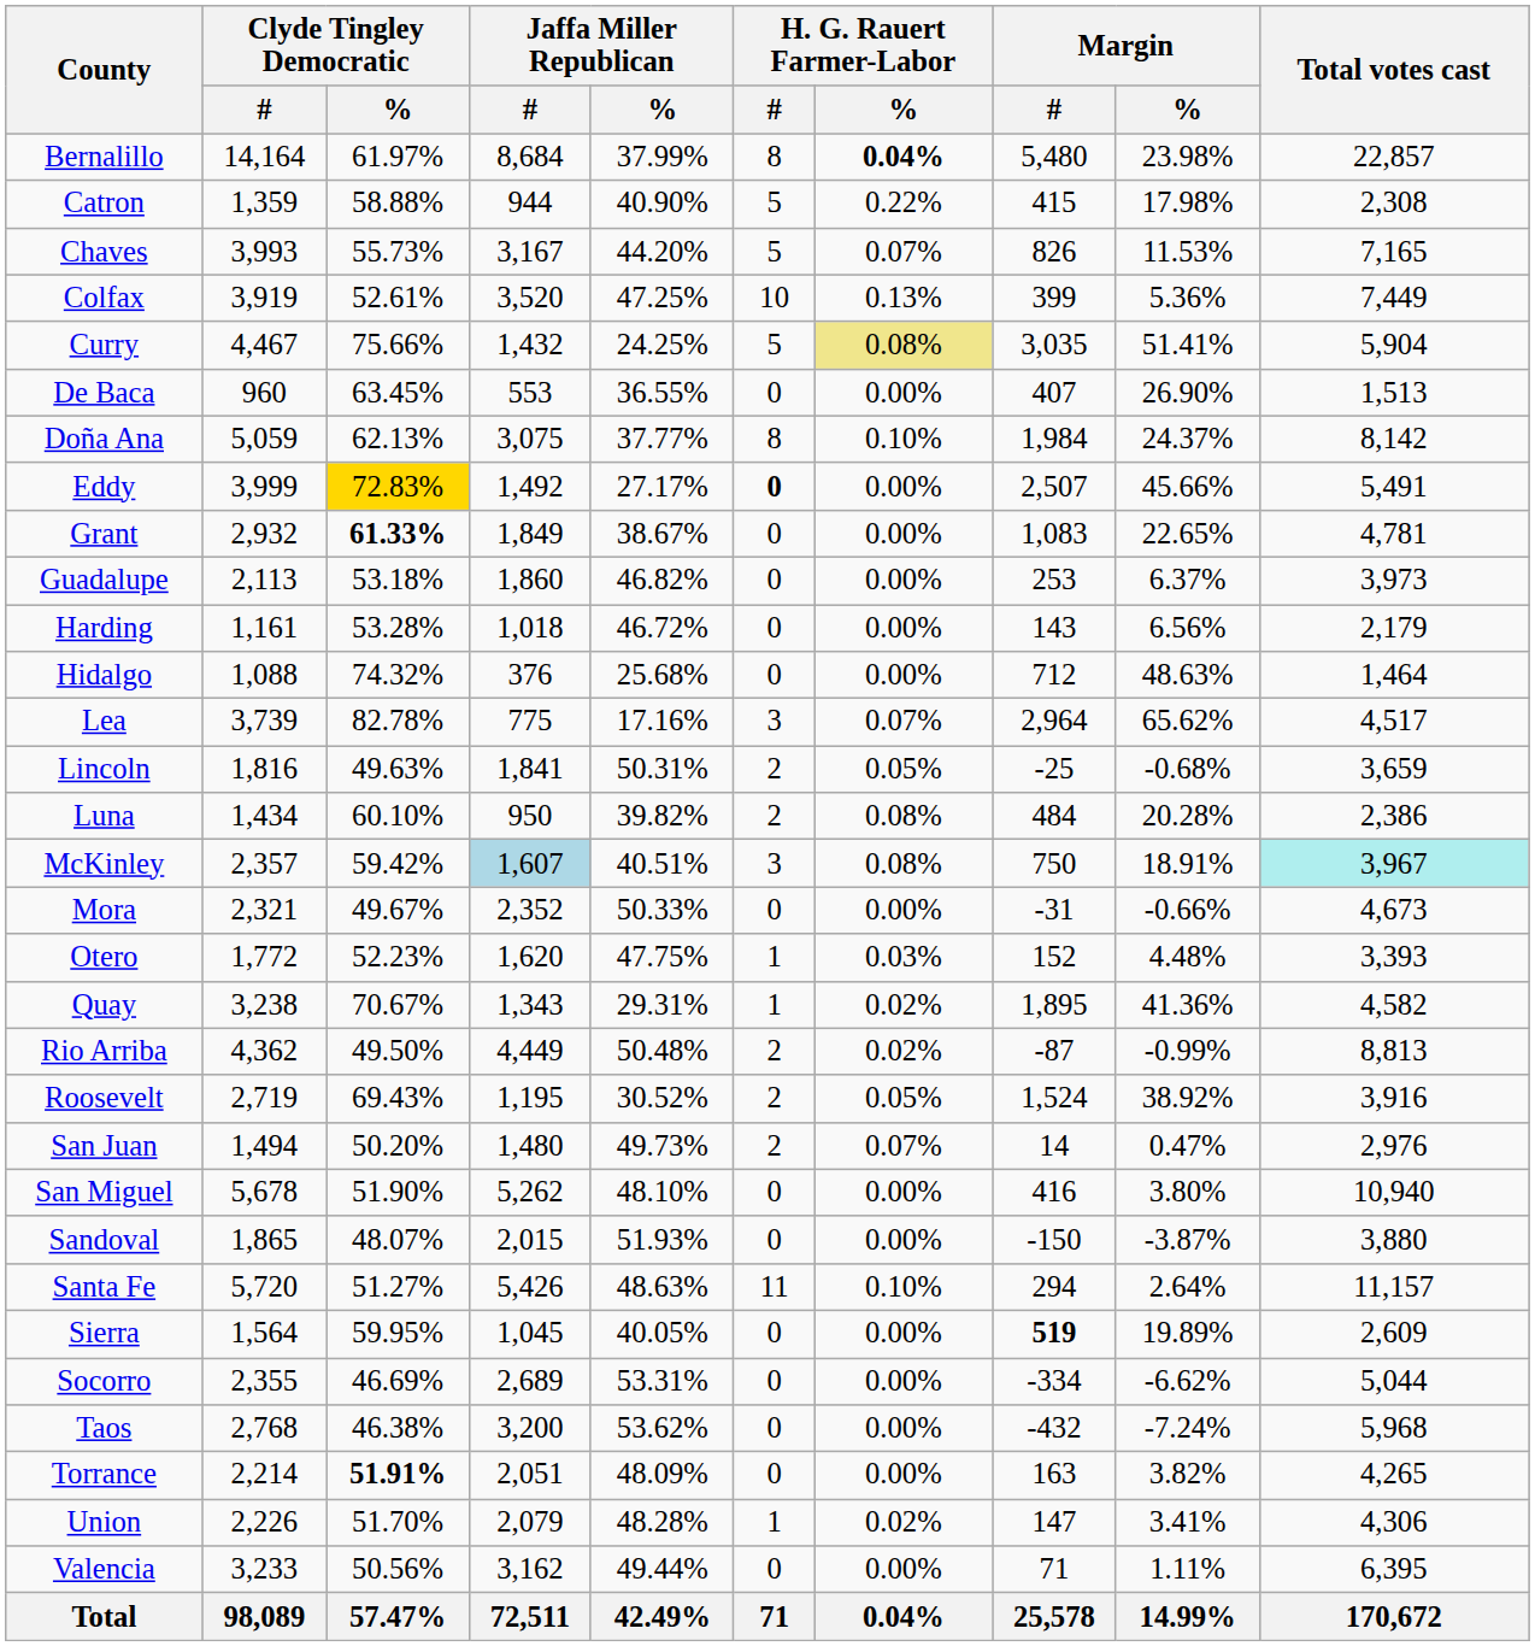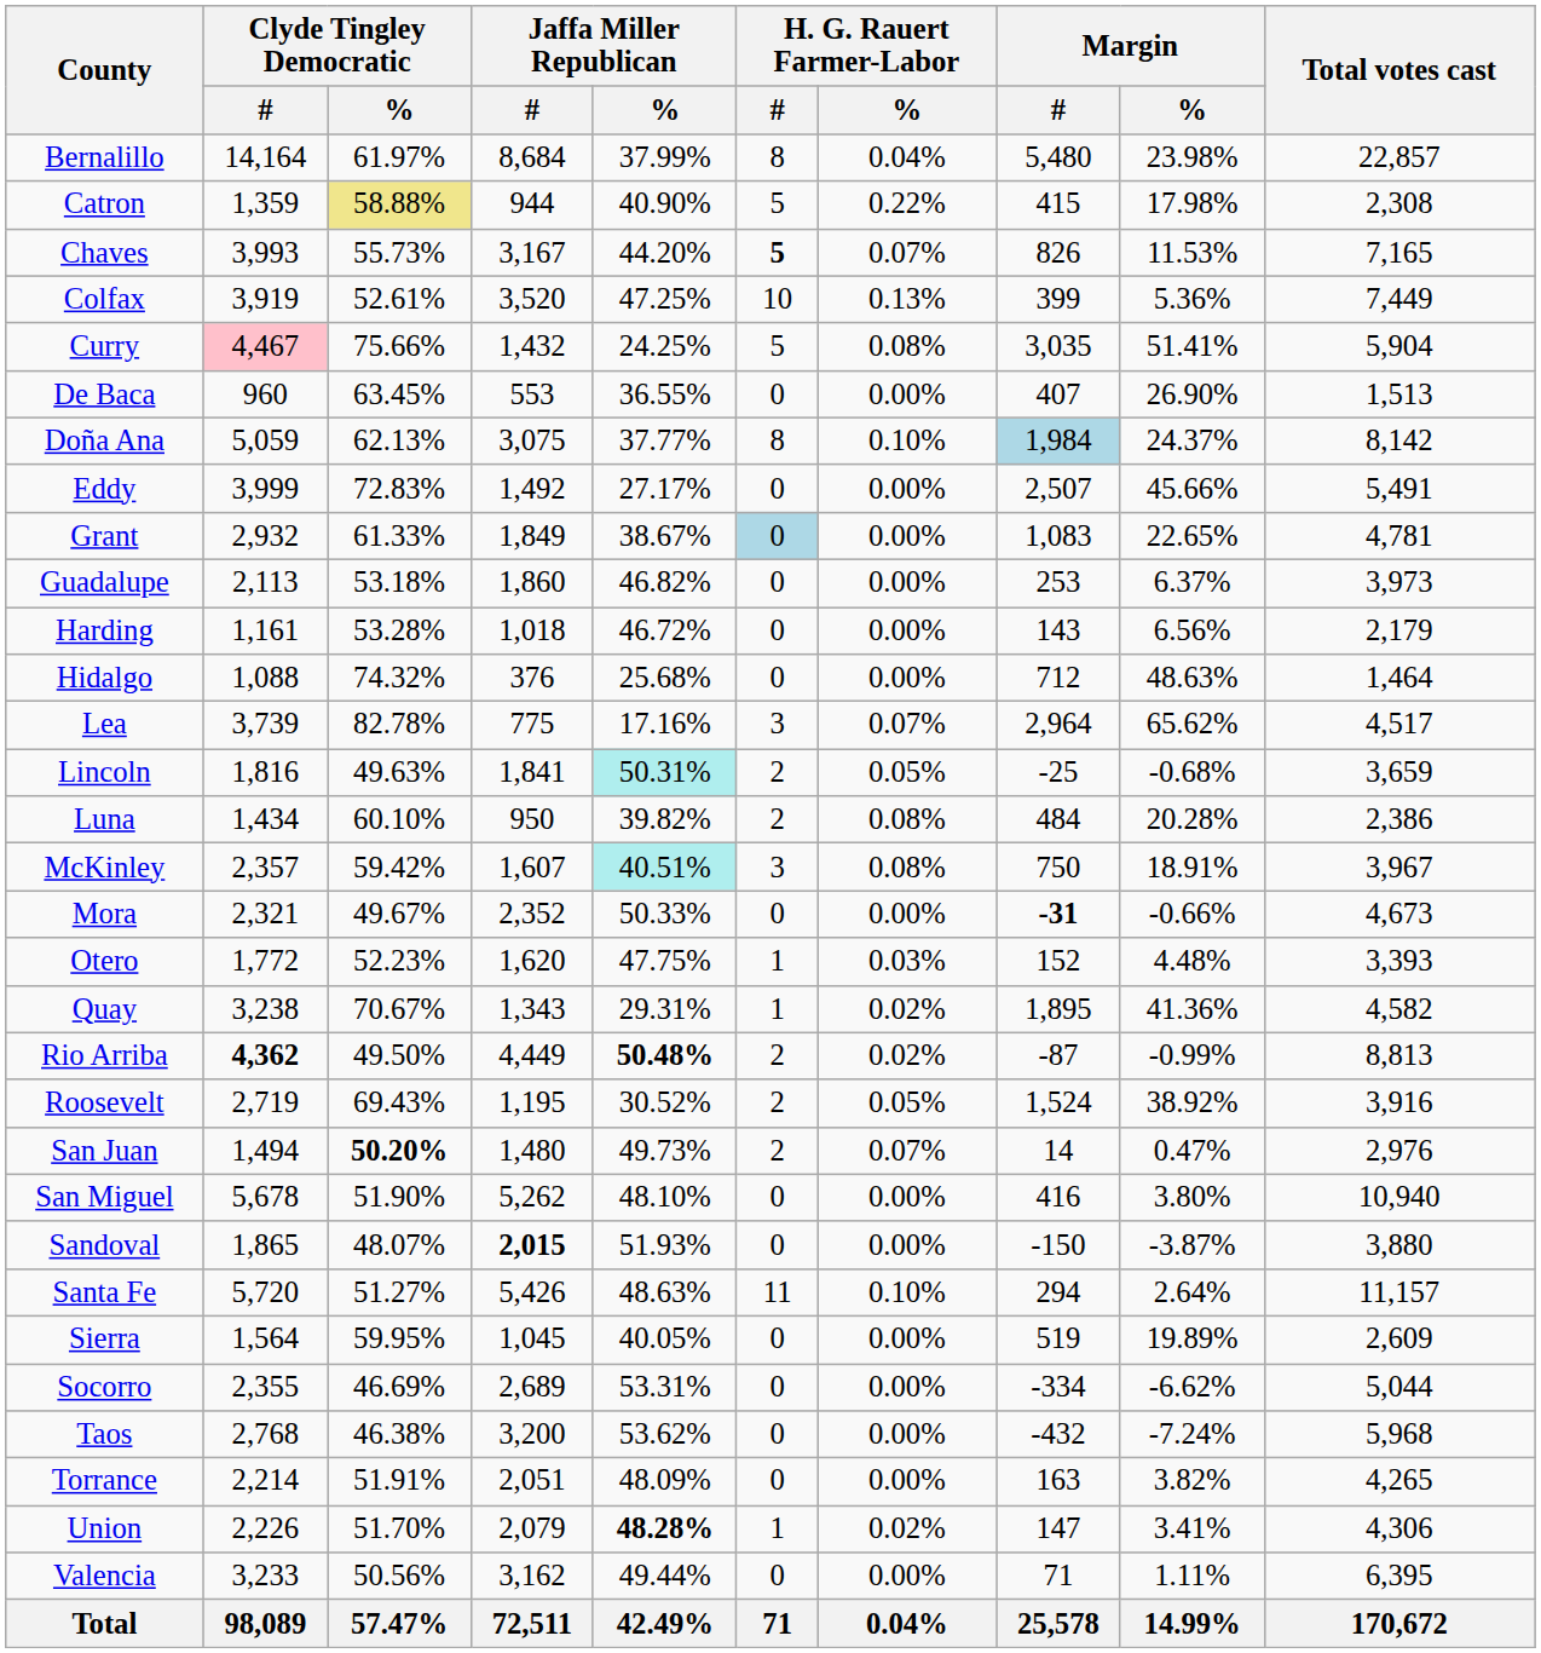 <table width="65%" class="wikitable sortable" style="text-align:center">
 <tr>
 <th style="text-align:center;" rowspan="2">County</th>
 <th style="text-align:center;" colspan="2">Clyde Tingley<br>Democratic</th>
 <th style="text-align:center;" colspan="2">Jaffa Miller<br>Republican</th>
 <th style="text-align:center;" colspan="2">H. G. Rauert<br>Farmer-Labor</th>
 <th style="text-align:center;" colspan="2">Margin</th>
 <th style="text-align:center;" rowspan="2">Total votes cast</th>
 </tr>
 <tr>
 <th style="text-align:center;" data-sort-type="number">#</th>
 <th style="text-align:center;" data-sort-type="number">%</th>
 <th style="text-align:center;" data-sort-type="number">#</th>
 <th style="text-align:center;" data-sort-type="number">%</th>
 <th style="text-align:center;" data-sort-type="number">#</th>
 <th style="text-align:center;" data-sort-type="number">%</th>
 <th style="text-align:center;" data-sort-type="number">#</th>
 <th style="text-align:center;" data-sort-type="number">%</th>
 </tr>
 <tr style="text-align:center;">
 <td><a href='#'>Bernalillo</a></td>
 <td>14,164</td>
 <td>61.97%</td>
 <td>8,684</td>
 <td>37.99%</td>
 <td>8</td>
-<td><strong>0.04%</strong></td>
+<td>0.04%</td>
 <td>5,480</td>
 <td>23.98%</td>
 <td>22,857</td>
 </tr>
 <tr style="text-align:center;">
 <td><a href='#'>Catron</a></td>
 <td>1,359</td>
-<td>58.88%</td>
+<td style="background: khaki;">58.88%</td>
 <td>944</td>
 <td>40.90%</td>
 <td>5</td>
 <td>0.22%</td>
 <td>415</td>
 <td>17.98%</td>
 <td>2,308</td>
 </tr>
 <tr style="text-align:center;">
 <td><a href='#'>Chaves</a></td>
 <td>3,993</td>
 <td>55.73%</td>
 <td>3,167</td>
 <td>44.20%</td>
-<td>5</td>
+<td><strong>5</strong></td>
 <td>0.07%</td>
 <td>826</td>
 <td>11.53%</td>
 <td>7,165</td>
 </tr>
 <tr style="text-align:center;">
 <td><a href='#'>Colfax</a></td>
 <td>3,919</td>
 <td>52.61%</td>
 <td>3,520</td>
 <td>47.25%</td>
 <td>10</td>
 <td>0.13%</td>
 <td>399</td>
 <td>5.36%</td>
 <td>7,449</td>
 </tr>
 <tr style="text-align:center;">
 <td><a href='#'>Curry</a></td>
-<td>4,467</td>
+<td style="background: pink;">4,467</td>
 <td>75.66%</td>
 <td>1,432</td>
 <td>24.25%</td>
 <td>5</td>
-<td style="background: khaki;">0.08%</td>
+<td>0.08%</td>
 <td>3,035</td>
 <td>51.41%</td>
 <td>5,904</td>
 </tr>
 <tr style="text-align:center;">
 <td><a href='#'>De Baca</a></td>
 <td>960</td>
 <td>63.45%</td>
 <td>553</td>
 <td>36.55%</td>
 <td>0</td>
 <td>0.00%</td>
 <td>407</td>
 <td>26.90%</td>
 <td>1,513</td>
 </tr>
 <tr style="text-align:center;">
 <td><a href='#'>Doña Ana</a></td>
 <td>5,059</td>
 <td>62.13%</td>
 <td>3,075</td>
 <td>37.77%</td>
 <td>8</td>
 <td>0.10%</td>
-<td>1,984</td>
+<td style="background: lightblue;">1,984</td>
 <td>24.37%</td>
 <td>8,142</td>
 </tr>
 <tr style="text-align:center;">
 <td><a href='#'>Eddy</a></td>
 <td>3,999</td>
-<td style="background: gold;">72.83%</td>
+<td>72.83%</td>
 <td>1,492</td>
 <td>27.17%</td>
-<td><strong>0</strong></td>
+<td>0</td>
 <td>0.00%</td>
 <td>2,507</td>
 <td>45.66%</td>
 <td>5,491</td>
 </tr>
 <tr style="text-align:center;">
 <td><a href='#'>Grant</a></td>
 <td>2,932</td>
-<td><strong>61.33%</strong></td>
+<td>61.33%</td>
 <td>1,849</td>
 <td>38.67%</td>
-<td>0</td>
+<td style="background: lightblue;">0</td>
 <td>0.00%</td>
 <td>1,083</td>
 <td>22.65%</td>
 <td>4,781</td>
 </tr>
 <tr style="text-align:center;">
 <td><a href='#'>Guadalupe</a></td>
 <td>2,113</td>
 <td>53.18%</td>
 <td>1,860</td>
 <td>46.82%</td>
 <td>0</td>
 <td>0.00%</td>
 <td>253</td>
 <td>6.37%</td>
 <td>3,973</td>
 </tr>
 <tr style="text-align:center;">
 <td><a href='#'>Harding</a></td>
 <td>1,161</td>
 <td>53.28%</td>
 <td>1,018</td>
 <td>46.72%</td>
 <td>0</td>
 <td>0.00%</td>
 <td>143</td>
 <td>6.56%</td>
 <td>2,179</td>
 </tr>
 <tr style="text-align:center;">
 <td><a href='#'>Hidalgo</a></td>
 <td>1,088</td>
 <td>74.32%</td>
 <td>376</td>
 <td>25.68%</td>
 <td>0</td>
 <td>0.00%</td>
 <td>712</td>
 <td>48.63%</td>
 <td>1,464</td>
 </tr>
 <tr style="text-align:center;">
 <td><a href='#'>Lea</a></td>
 <td>3,739</td>
 <td>82.78%</td>
 <td>775</td>
 <td>17.16%</td>
 <td>3</td>
 <td>0.07%</td>
 <td>2,964</td>
 <td>65.62%</td>
 <td>4,517</td>
 </tr>
 <tr style="text-align:center;">
 <td><a href='#'>Lincoln</a></td>
 <td>1,816</td>
 <td>49.63%</td>
 <td>1,841</td>
-<td>50.31%</td>
+<td style="background: paleturquoise;">50.31%</td>
 <td>2</td>
 <td>0.05%</td>
 <td>-25</td>
 <td>-0.68%</td>
 <td>3,659</td>
 </tr>
 <tr style="text-align:center;">
 <td><a href='#'>Luna</a></td>
 <td>1,434</td>
 <td>60.10%</td>
 <td>950</td>
 <td>39.82%</td>
 <td>2</td>
 <td>0.08%</td>
 <td>484</td>
 <td>20.28%</td>
 <td>2,386</td>
 </tr>
 <tr style="text-align:center;">
 <td><a href='#'>McKinley</a></td>
 <td>2,357</td>
 <td>59.42%</td>
-<td style="background: lightblue;">1,607</td>
-<td>40.51%</td>
+<td>1,607</td>
+<td style="background: paleturquoise;">40.51%</td>
 <td>3</td>
 <td>0.08%</td>
 <td>750</td>
 <td>18.91%</td>
-<td style="background: paleturquoise;">3,967</td>
+<td>3,967</td>
 </tr>
 <tr style="text-align:center;">
 <td><a href='#'>Mora</a></td>
 <td>2,321</td>
 <td>49.67%</td>
 <td>2,352</td>
 <td>50.33%</td>
 <td>0</td>
 <td>0.00%</td>
-<td>-31</td>
+<td><strong>-31</strong></td>
 <td>-0.66%</td>
 <td>4,673</td>
 </tr>
 <tr style="text-align:center;">
 <td><a href='#'>Otero</a></td>
 <td>1,772</td>
 <td>52.23%</td>
 <td>1,620</td>
 <td>47.75%</td>
 <td>1</td>
 <td>0.03%</td>
 <td>152</td>
 <td>4.48%</td>
 <td>3,393</td>
 </tr>
 <tr style="text-align:center;">
 <td><a href='#'>Quay</a></td>
 <td>3,238</td>
 <td>70.67%</td>
 <td>1,343</td>
 <td>29.31%</td>
 <td>1</td>
 <td>0.02%</td>
 <td>1,895</td>
 <td>41.36%</td>
 <td>4,582</td>
 </tr>
 <tr style="text-align:center;">
 <td><a href='#'>Rio Arriba</a></td>
-<td>4,362</td>
+<td><strong>4,362</strong></td>
 <td>49.50%</td>
 <td>4,449</td>
-<td>50.48%</td>
+<td><strong>50.48%</strong></td>
 <td>2</td>
 <td>0.02%</td>
 <td>-87</td>
 <td>-0.99%</td>
 <td>8,813</td>
 </tr>
 <tr style="text-align:center;">
 <td><a href='#'>Roosevelt</a></td>
 <td>2,719</td>
 <td>69.43%</td>
 <td>1,195</td>
 <td>30.52%</td>
 <td>2</td>
 <td>0.05%</td>
 <td>1,524</td>
 <td>38.92%</td>
 <td>3,916</td>
 </tr>
 <tr style="text-align:center;">
 <td><a href='#'>San Juan</a></td>
 <td>1,494</td>
-<td>50.20%</td>
+<td><strong>50.20%</strong></td>
 <td>1,480</td>
 <td>49.73%</td>
 <td>2</td>
 <td>0.07%</td>
 <td>14</td>
 <td>0.47%</td>
 <td>2,976</td>
 </tr>
 <tr style="text-align:center;">
 <td><a href='#'>San Miguel</a></td>
 <td>5,678</td>
 <td>51.90%</td>
 <td>5,262</td>
 <td>48.10%</td>
 <td>0</td>
 <td>0.00%</td>
 <td>416</td>
 <td>3.80%</td>
 <td>10,940</td>
 </tr>
 <tr style="text-align:center;">
 <td><a href='#'>Sandoval</a></td>
 <td>1,865</td>
 <td>48.07%</td>
-<td>2,015</td>
+<td><strong>2,015</strong></td>
 <td>51.93%</td>
 <td>0</td>
 <td>0.00%</td>
 <td>-150</td>
 <td>-3.87%</td>
 <td>3,880</td>
 </tr>
 <tr style="text-align:center;">
 <td><a href='#'>Santa Fe</a></td>
 <td>5,720</td>
 <td>51.27%</td>
 <td>5,426</td>
 <td>48.63%</td>
 <td>11</td>
 <td>0.10%</td>
 <td>294</td>
 <td>2.64%</td>
 <td>11,157</td>
 </tr>
 <tr style="text-align:center;">
 <td><a href='#'>Sierra</a></td>
 <td>1,564</td>
 <td>59.95%</td>
 <td>1,045</td>
 <td>40.05%</td>
 <td>0</td>
 <td>0.00%</td>
-<td><strong>519</strong></td>
+<td>519</td>
 <td>19.89%</td>
 <td>2,609</td>
 </tr>
 <tr style="text-align:center;">
 <td><a href='#'>Socorro</a></td>
 <td>2,355</td>
 <td>46.69%</td>
 <td>2,689</td>
 <td>53.31%</td>
 <td>0</td>
 <td>0.00%</td>
 <td>-334</td>
 <td>-6.62%</td>
 <td>5,044</td>
 </tr>
 <tr style="text-align:center;">
 <td><a href='#'>Taos</a></td>
 <td>2,768</td>
 <td>46.38%</td>
 <td>3,200</td>
 <td>53.62%</td>
 <td>0</td>
 <td>0.00%</td>
 <td>-432</td>
 <td>-7.24%</td>
 <td>5,968</td>
 </tr>
 <tr style="text-align:center;">
 <td><a href='#'>Torrance</a></td>
 <td>2,214</td>
-<td><strong>51.91%</strong></td>
+<td>51.91%</td>
 <td>2,051</td>
 <td>48.09%</td>
 <td>0</td>
 <td>0.00%</td>
 <td>163</td>
 <td>3.82%</td>
 <td>4,265</td>
 </tr>
 <tr style="text-align:center;">
 <td><a href='#'>Union</a></td>
 <td>2,226</td>
 <td>51.70%</td>
 <td>2,079</td>
-<td>48.28%</td>
+<td><strong>48.28%</strong></td>
 <td>1</td>
 <td>0.02%</td>
 <td>147</td>
 <td>3.41%</td>
 <td>4,306</td>
 </tr>
 <tr style="text-align:center;">
 <td><a href='#'>Valencia</a></td>
 <td>3,233</td>
 <td>50.56%</td>
 <td>3,162</td>
 <td>49.44%</td>
 <td>0</td>
 <td>0.00%</td>
 <td>71</td>
 <td>1.11%</td>
 <td>6,395</td>
 </tr>
 <tr style="text-align:center;">
 <th>Total</th>
 <th>98,089</th>
 <th>57.47%</th>
 <th>72,511</th>
 <th>42.49%</th>
 <th>71</th>
 <th>0.04%</th>
 <th>25,578</th>
 <th>14.99%</th>
 <th>170,672</th>
 </tr>
 </table>
